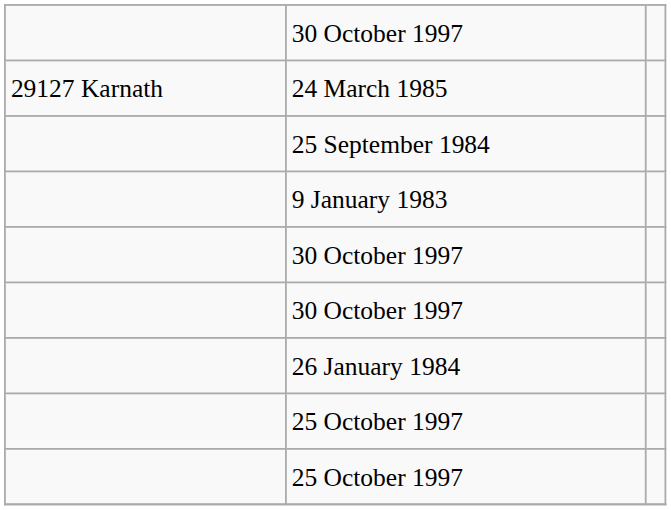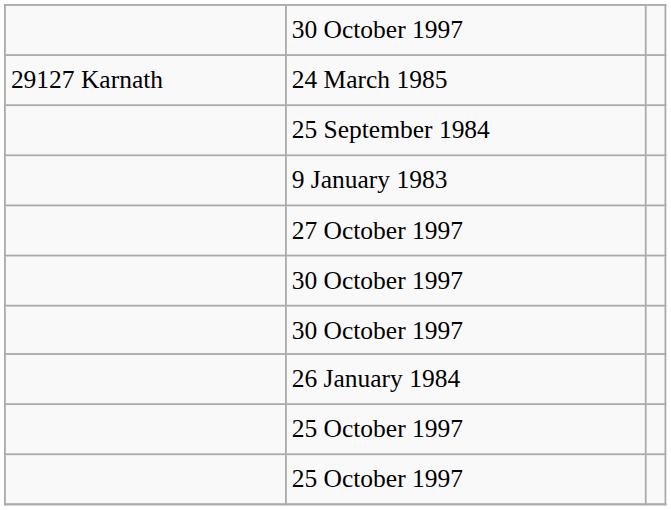 <table class="wikitable" style="font-size: 89%; float: left; width: 26em; margin-right: 1em;  height: 280px;">
 <tr>
 <td></td>
 <td>30 October 1997</td>
 <td></td>
 </tr>
 <tr>
 <td>29127 Karnath</td>
 <td>24 March 1985</td>
 <td></td>
 </tr>
 <tr>
 <td></td>
 <td>25 September 1984</td>
 <td></td>
 </tr>
 <tr>
 <td></td>
 <td>9 January 1983</td>
+<td></td>
+</tr>
+<tr>
+<td></td>
+<td>27 October 1997</td>
 <td></td>
 </tr>
 <tr>
 <td></td>
 <td>30 October 1997</td>
 <td></td>
 </tr>
 <tr>
 <td></td>
 <td>30 October 1997</td>
 <td></td>
 </tr>
 <tr>
 <td></td>
 <td>26 January 1984</td>
 <td></td>
 </tr>
 <tr>
 <td></td>
 <td>25 October 1997</td>
 <td></td>
 </tr>
 <tr>
 <td></td>
 <td>25 October 1997</td>
 <td></td>
 </tr>
 <tr>
 </tr>
 </table>
